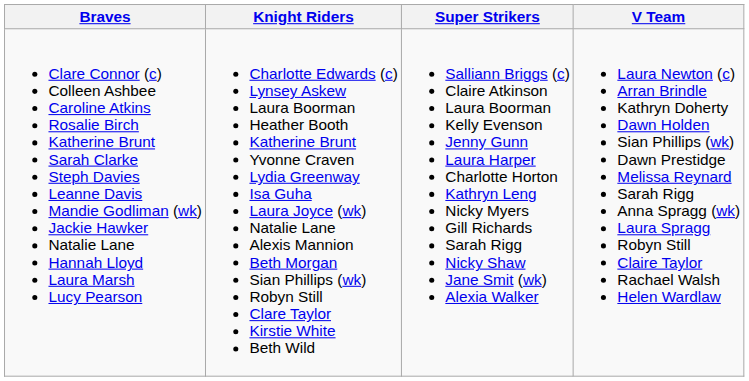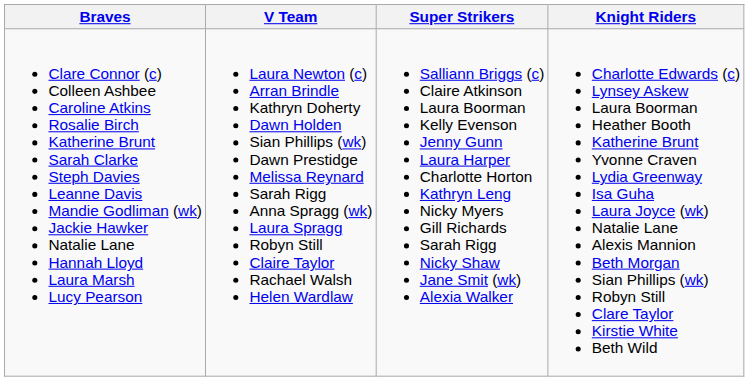 <table class="wikitable" Style="font-size:95%;">
 <tr>
 <th><a href='#'>Braves</a></th>
+<th><a href='#'>V Team</a></th>
+<th><a href='#'>Super Strikers</a></th>
 <th><a href='#'>Knight Riders</a></th>
-<th><a href='#'>Super Strikers</a></th>
-<th><a href='#'>V Team</a></th>
 </tr>
 <tr>
 <td valign=top><br><ul><li> <a href='#'>Clare Connor</a> (<a href='#'>c</a>)</li><li> Colleen Ashbee</li><li> <a href='#'>Caroline Atkins</a></li><li> <a href='#'>Rosalie Birch</a></li><li> <a href='#'>Katherine Brunt</a></li><li> <a href='#'>Sarah Clarke</a></li><li> <a href='#'>Steph Davies</a></li><li> <a href='#'>Leanne Davis</a></li><li> <a href='#'>Mandie Godliman</a> (<a href='#'>wk</a>)</li><li> <a href='#'>Jackie Hawker</a></li><li> Natalie Lane</li><li> <a href='#'>Hannah Lloyd</a></li><li> <a href='#'>Laura Marsh</a></li><li> <a href='#'>Lucy Pearson</a></li></ul></td>
+<td valign=top><br><ul><li> <a href='#'>Laura Newton</a> (<a href='#'>c</a>)</li><li> <a href='#'>Arran Brindle</a></li><li> Kathryn Doherty</li><li> <a href='#'>Dawn Holden</a></li><li> Sian Phillips (<a href='#'>wk</a>)</li><li> Dawn Prestidge</li><li> <a href='#'>Melissa Reynard</a></li><li> Sarah Rigg</li><li> Anna Spragg (<a href='#'>wk</a>)</li><li> <a href='#'>Laura Spragg</a></li><li> Robyn Still</li><li> <a href='#'>Claire Taylor</a></li><li> Rachael Walsh</li><li> <a href='#'>Helen Wardlaw</a></li></ul></td>
+<td valign=top><br><ul><li> <a href='#'>Salliann Briggs</a> (<a href='#'>c</a>)</li><li> Claire Atkinson</li><li> Laura Boorman</li><li> Kelly Evenson</li><li> <a href='#'>Jenny Gunn</a></li><li> <a href='#'>Laura Harper</a></li><li> Charlotte Horton</li><li> <a href='#'>Kathryn Leng</a></li><li> Nicky Myers</li><li> Gill Richards</li><li> Sarah Rigg</li><li> <a href='#'>Nicky Shaw</a></li><li> <a href='#'>Jane Smit</a> (<a href='#'>wk</a>)</li><li> <a href='#'>Alexia Walker</a></li></ul></td>
 <td valign=top><br><ul><li> <a href='#'>Charlotte Edwards</a> (<a href='#'>c</a>)</li><li> <a href='#'>Lynsey Askew</a></li><li> Laura Boorman</li><li> Heather Booth</li><li> <a href='#'>Katherine Brunt</a></li><li> Yvonne Craven</li><li> <a href='#'>Lydia Greenway</a></li><li> <a href='#'>Isa Guha</a></li><li> <a href='#'>Laura Joyce</a> (<a href='#'>wk</a>)</li><li> Natalie Lane</li><li> Alexis Mannion</li><li> <a href='#'>Beth Morgan</a></li><li> Sian Phillips (<a href='#'>wk</a>)</li><li> Robyn Still</li><li> <a href='#'>Clare Taylor</a></li><li> <a href='#'>Kirstie White</a></li><li> Beth Wild</li></ul></td>
-<td valign=top><br><ul><li> <a href='#'>Salliann Briggs</a> (<a href='#'>c</a>)</li><li> Claire Atkinson</li><li> Laura Boorman</li><li> Kelly Evenson</li><li> <a href='#'>Jenny Gunn</a></li><li> <a href='#'>Laura Harper</a></li><li> Charlotte Horton</li><li> <a href='#'>Kathryn Leng</a></li><li> Nicky Myers</li><li> Gill Richards</li><li> Sarah Rigg</li><li> <a href='#'>Nicky Shaw</a></li><li> <a href='#'>Jane Smit</a> (<a href='#'>wk</a>)</li><li> <a href='#'>Alexia Walker</a></li></ul></td>
-<td valign=top><br><ul><li> <a href='#'>Laura Newton</a> (<a href='#'>c</a>)</li><li> <a href='#'>Arran Brindle</a></li><li> Kathryn Doherty</li><li> <a href='#'>Dawn Holden</a></li><li> Sian Phillips (<a href='#'>wk</a>)</li><li> Dawn Prestidge</li><li> <a href='#'>Melissa Reynard</a></li><li> Sarah Rigg</li><li> Anna Spragg (<a href='#'>wk</a>)</li><li> <a href='#'>Laura Spragg</a></li><li> Robyn Still</li><li> <a href='#'>Claire Taylor</a></li><li> Rachael Walsh</li><li> <a href='#'>Helen Wardlaw</a></li></ul></td>
 </tr>
 </table>
